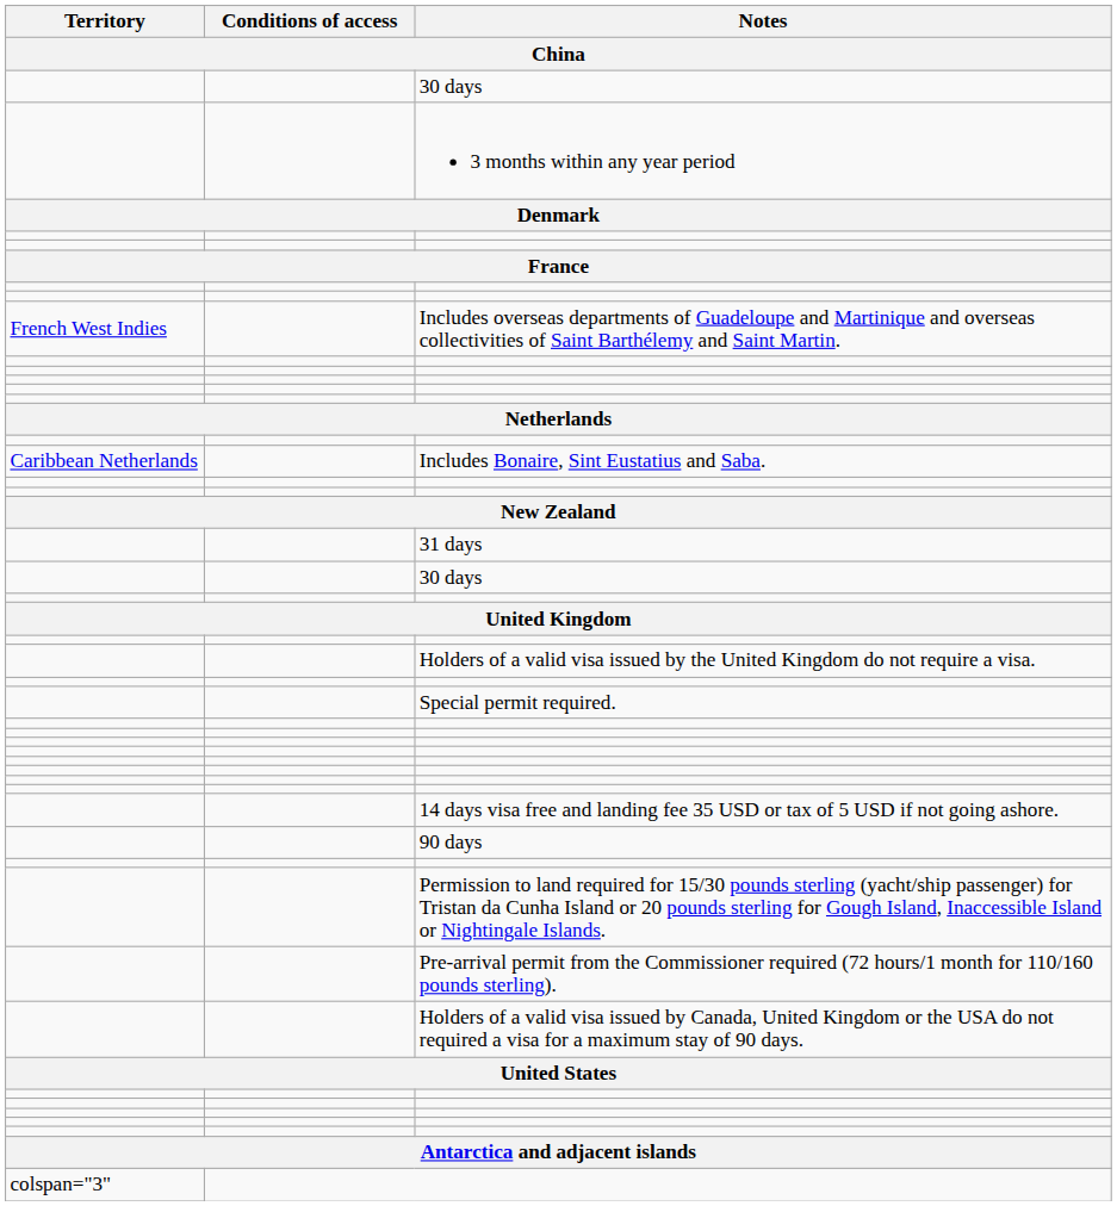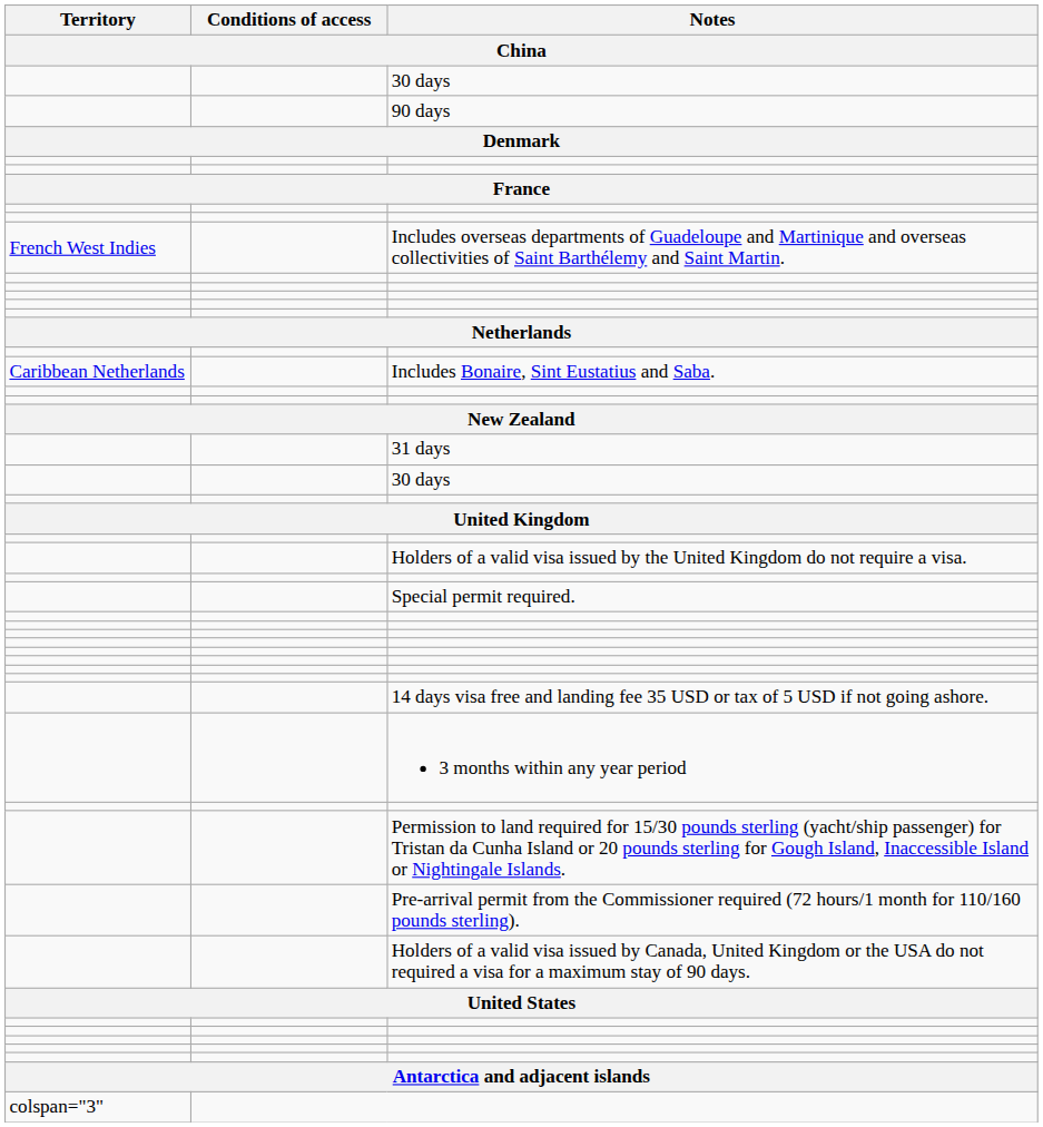 <table class="wikitable" style="text-align: left; table-layout: fixed;">
 <tr>
 <th width="18%">Territory</th>
 <th width="19%">Conditions of access</th>
 <th>Notes</th>
 </tr>
 <tr>
 <th colspan="3">China</th>
 </tr>
 <tr>
 <td></td>
 <td></td>
 <td>30 days</td>
 </tr>
 <tr>
 <td></td>
 <td></td>
-<td><br><ul><li>3 months within any year period</li></ul></td>
+<td>90 days</td>
 </tr>
 <tr>
 <th colspan="3">Denmark</th>
 </tr>
 <tr>
 <td></td>
 <td></td>
 <td></td>
 </tr>
 <tr>
 <td></td>
 <td></td>
 <td></td>
 </tr>
 <tr>
 <th colspan="3">France</th>
 </tr>
 <tr>
 <td></td>
 <td></td>
 <td></td>
 </tr>
 <tr>
 <td></td>
 <td></td>
 <td></td>
 </tr>
 <tr>
 <td> <a href='#'>French West Indies</a></td>
 <td></td>
 <td>Includes overseas departments of <a href='#'>Guadeloupe</a> and <a href='#'>Martinique</a> and overseas collectivities of <a href='#'>Saint Barthélemy</a> and <a href='#'>Saint Martin</a>.</td>
 </tr>
 <tr>
 <td></td>
 <td></td>
 <td></td>
 </tr>
 <tr>
 <td></td>
 <td></td>
 <td></td>
 </tr>
 <tr>
 <td></td>
 <td></td>
 <td></td>
 </tr>
 <tr>
 <td></td>
 <td></td>
 <td></td>
 </tr>
 <tr>
 <td></td>
 <td></td>
 <td></td>
 </tr>
 <tr>
 <th colspan="3">Netherlands</th>
 </tr>
 <tr>
 <td></td>
 <td></td>
 <td></td>
 </tr>
 <tr>
 <td> <a href='#'>Caribbean Netherlands</a></td>
 <td></td>
 <td>Includes <a href='#'>Bonaire</a>, <a href='#'>Sint Eustatius</a> and <a href='#'>Saba</a>.</td>
 </tr>
 <tr>
 <td></td>
 <td></td>
 <td></td>
 </tr>
 <tr>
 <td></td>
 <td></td>
 <td></td>
 </tr>
 <tr>
 <th colspan="3">New Zealand</th>
 </tr>
 <tr>
 <td></td>
 <td></td>
 <td>31 days</td>
 </tr>
 <tr>
 <td></td>
 <td></td>
 <td>30 days</td>
 </tr>
 <tr>
 <td></td>
 <td></td>
 <td></td>
 </tr>
 <tr>
 <th colspan="3">United Kingdom</th>
 </tr>
 <tr>
 <td></td>
 <td></td>
 <td></td>
 </tr>
 <tr>
 <td></td>
 <td></td>
 <td>Holders of a valid visa issued by the United Kingdom do not require a visa.</td>
 </tr>
 <tr>
 <td></td>
 <td></td>
 <td></td>
 </tr>
 <tr>
 <td></td>
 <td></td>
 <td>Special permit required.</td>
 </tr>
 <tr>
 <td></td>
 <td></td>
 <td></td>
 </tr>
 <tr>
 <td></td>
 <td></td>
 <td></td>
 </tr>
 <tr>
 <td></td>
 <td></td>
 <td></td>
 </tr>
 <tr>
 <td></td>
 <td></td>
 <td></td>
 </tr>
 <tr>
 <td></td>
 <td></td>
 <td></td>
 </tr>
 <tr>
 <td></td>
 <td></td>
 <td></td>
 </tr>
 <tr>
 <td></td>
 <td></td>
 <td></td>
 </tr>
 <tr>
 <td></td>
 <td></td>
 <td></td>
 </tr>
 <tr>
 <td></td>
 <td></td>
 <td>14 days visa free and landing fee 35 USD or tax of 5 USD if not going ashore.</td>
 </tr>
 <tr>
 <td></td>
 <td></td>
-<td>90 days</td>
+<td><br><ul><li>3 months within any year period</li></ul></td>
 </tr>
 <tr>
 <td></td>
 <td></td>
 <td></td>
 </tr>
 <tr>
 <td></td>
 <td></td>
 <td>Permission to land required for 15/30 <a href='#'>pounds sterling</a> (yacht/ship passenger) for Tristan da Cunha Island or 20 <a href='#'>pounds sterling</a> for <a href='#'>Gough Island</a>, <a href='#'>Inaccessible Island</a> or <a href='#'>Nightingale Islands</a>.</td>
 </tr>
 <tr>
 <td></td>
 <td></td>
 <td>Pre-arrival permit from the Commissioner required (72 hours/1 month for 110/160 <a href='#'>pounds sterling</a>).</td>
 </tr>
 <tr>
 <td></td>
 <td></td>
 <td>Holders of a valid visa issued by Canada, United Kingdom or the USA do not required a visa for a maximum stay of 90 days.</td>
 </tr>
 <tr>
 <th colspan="3">United States</th>
 </tr>
 <tr>
 <td></td>
 <td></td>
 <td></td>
 </tr>
 <tr>
 <td></td>
 <td></td>
 <td></td>
 </tr>
 <tr>
 <td></td>
 <td></td>
 <td></td>
 </tr>
 <tr>
 <td></td>
 <td></td>
 <td></td>
 </tr>
 <tr>
 <td></td>
 <td></td>
 <td></td>
 </tr>
 <tr>
 <th colspan="3"><a href='#'>Antarctica</a> and adjacent islands</th>
 </tr>
 <tr>
 <td>colspan="3" </td>
 </tr>
 <tr>
 </tr>
 </table>
